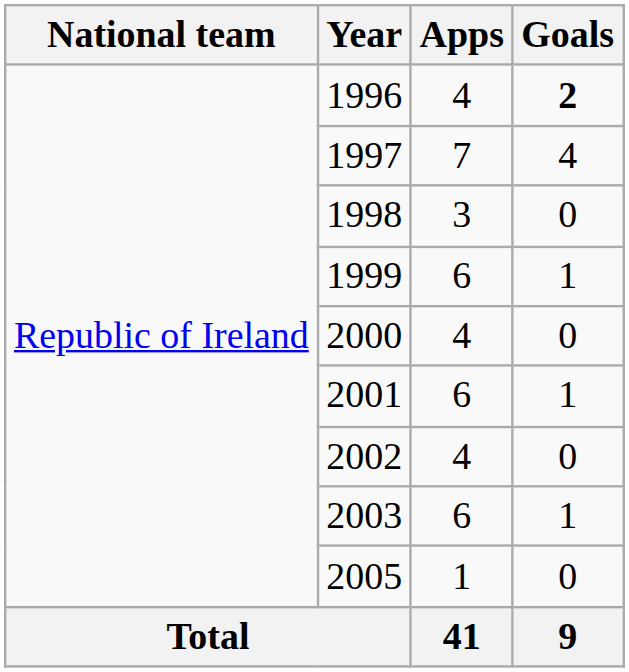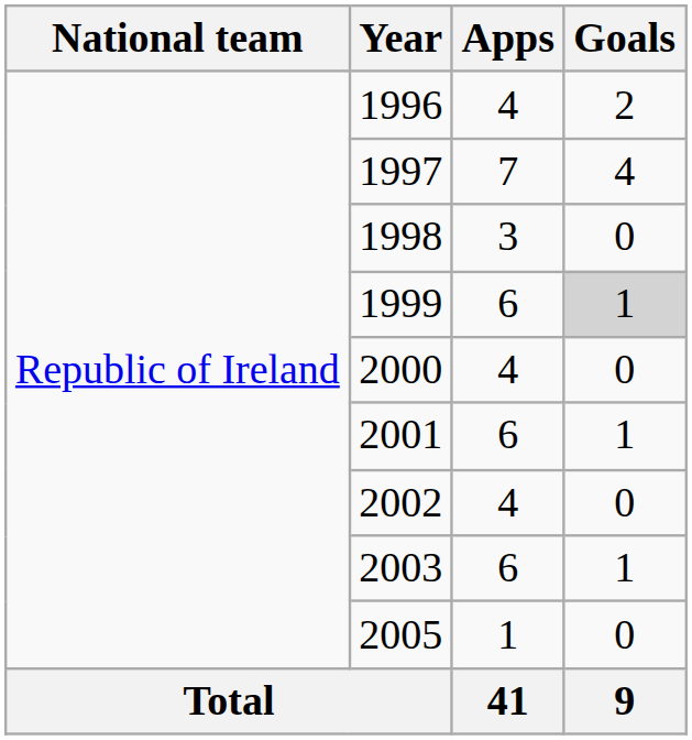 <table class="wikitable" style="text-align:center">
 <tr>
 <th>National team</th>
 <th>Year</th>
 <th>Apps</th>
 <th>Goals</th>
 </tr>
 <tr>
 <td rowspan="9"><a href='#'>Republic of Ireland</a></td>
 <td>1996</td>
 <td>4</td>
-<td><strong>2</strong></td>
+<td>2</td>
 </tr>
 <tr>
 <td>1997</td>
 <td>7</td>
 <td>4</td>
 </tr>
 <tr>
 <td>1998</td>
 <td>3</td>
 <td>0</td>
 </tr>
 <tr>
 <td>1999</td>
 <td>6</td>
-<td>1</td>
+<td style="background: lightgrey;">1</td>
 </tr>
 <tr>
 <td>2000</td>
 <td>4</td>
 <td>0</td>
 </tr>
 <tr>
 <td>2001</td>
 <td>6</td>
 <td>1</td>
 </tr>
 <tr>
 <td>2002</td>
 <td>4</td>
 <td>0</td>
 </tr>
 <tr>
 <td>2003</td>
 <td>6</td>
 <td>1</td>
 </tr>
 <tr>
 <td>2005</td>
 <td>1</td>
 <td>0</td>
 </tr>
 <tr>
 <th colspan="2">Total</th>
 <th>41</th>
 <th>9</th>
 </tr>
 </table>
